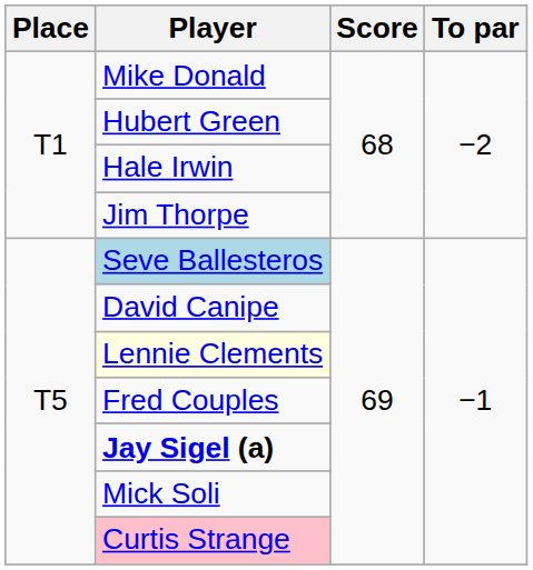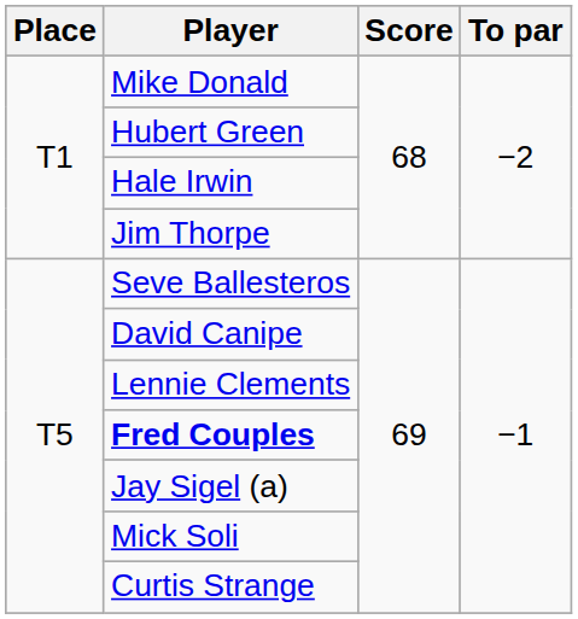 <table class="wikitable">
 <tr>
 <th>Place</th>
 <th>Player</th>
 <th>Score</th>
 <th>To par</th>
 </tr>
 <tr>
 <td rowspan="4" align=center>T1</td>
 <td> <a href='#'>Mike Donald</a></td>
 <td rowspan="4" align=center>68</td>
 <td rowspan="4" align=center>−2</td>
 </tr>
 <tr>
 <td> <a href='#'>Hubert Green</a></td>
 </tr>
 <tr>
 <td> <a href='#'>Hale Irwin</a></td>
 </tr>
 <tr>
 <td> <a href='#'>Jim Thorpe</a></td>
 </tr>
 <tr>
 <td rowspan="7" align=center>T5</td>
-<td style="background: lightblue;"> <a href='#'>Seve Ballesteros</a></td>
+<td> <a href='#'>Seve Ballesteros</a></td>
 <td rowspan="7" align=center>69</td>
 <td rowspan="7" align=center>−1</td>
 </tr>
 <tr>
 <td> <a href='#'>David Canipe</a></td>
 </tr>
 <tr>
-<td style="background: lightyellow;"> <a href='#'>Lennie Clements</a></td>
+<td> <a href='#'>Lennie Clements</a></td>
 </tr>
 <tr>
-<td> <a href='#'>Fred Couples</a></td>
+<td><strong> <a href='#'>Fred Couples</a></strong></td>
 </tr>
 <tr>
-<td><strong> <a href='#'>Jay Sigel</a> (a)</strong></td>
+<td> <a href='#'>Jay Sigel</a> (a)</td>
 </tr>
 <tr>
 <td> <a href='#'>Mick Soli</a></td>
 </tr>
 <tr>
-<td style="background: pink;"> <a href='#'>Curtis Strange</a></td>
+<td> <a href='#'>Curtis Strange</a></td>
 </tr>
 </table>
